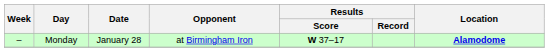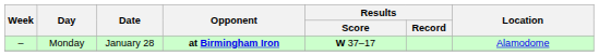 <table class="wikitable" style="text-align:center; font-size:90%">
 <tr>
 <th rowspan="2" width="40">Week</th>
 <th rowspan="2" width="80">Day</th>
 <th rowspan="2" width="90">Date</th>
 <th rowspan="2" width="200">Opponent</th>
 <th colspan="2" width="200">Results</th>
 <th rowspan="2" width="200">Location</th>
 </tr>
 <tr>
 <th width="140">Score</th>
 <th width="60">Record</th>
 </tr>
 <tr bgcolor="#CCFFCC">
 <td>–</td>
 <td>Monday</td>
 <td>January 28</td>
-<td>at <a href='#'>Birmingham Iron</a></td>
+<td><strong>at <a href='#'>Birmingham Iron</a></strong></td>
 <td><strong>W</strong> 37–17</td>
 <td></td>
-<td><strong><a href='#'>Alamodome</a></strong></td>
+<td><a href='#'>Alamodome</a></td>
 </tr>
 <tr>
 </tr>
 </table>
